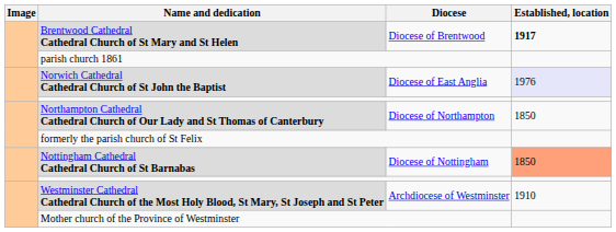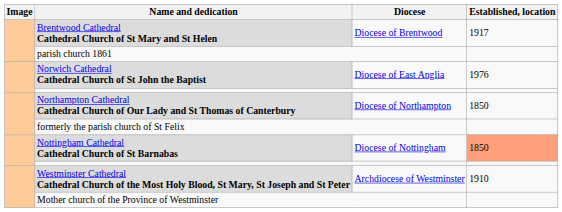 <table class="wikitable">
 <tr>
 <th>Image</th>
 <th>Name and dedication</th>
 <th>Diocese</th>
 <th>Established, location</th>
 </tr>
 <tr>
 <td rowspan="2" bgcolor="#FFCC99" align="center"></td>
 <td bgcolor="Gainsboro"><a href='#'>Brentwood Cathedral</a><br><strong>Cathedral Church of St Mary and St Helen</strong></td>
 <td><a href='#'>Diocese of Brentwood</a></td>
-<td><strong>1917</strong></td>
+<td>1917</td>
 </tr>
 <tr>
 <td colspan="2">parish church 1861</td>
 <td></td>
 </tr>
 <tr>
 <td rowspan="2" bgcolor="#FFCC99" align="center"></td>
 <td bgcolor="Gainsboro"><a href='#'>Norwich Cathedral</a><br><strong>Cathedral Church of St John the Baptist</strong></td>
 <td><a href='#'>Diocese of East Anglia</a></td>
-<td style="background: lavender;">1976</td>
+<td>1976</td>
 </tr>
 <tr>
 <td colspan="2"></td>
 <td></td>
 </tr>
 <tr>
 <td rowspan="2" bgcolor="#FFCC99" align="center"></td>
 <td bgcolor="Gainsboro"><a href='#'>Northampton Cathedral</a><br><strong>Cathedral Church of Our Lady and St Thomas of Canterbury</strong></td>
 <td><a href='#'>Diocese of Northampton</a></td>
 <td>1850</td>
 </tr>
 <tr>
 <td colspan="2">formerly the parish church of St Felix</td>
 <td></td>
 </tr>
 <tr>
 <td rowspan="2" bgcolor="#FFCC99" align="center"></td>
 <td bgcolor="Gainsboro"><a href='#'>Nottingham Cathedral</a><br><strong>Cathedral Church of St Barnabas</strong></td>
 <td><a href='#'>Diocese of Nottingham</a></td>
 <td style="background: lightsalmon;">1850</td>
 </tr>
 <tr>
 <td colspan="2"></td>
 <td></td>
 </tr>
 <tr>
 <td rowspan="2" bgcolor="#FFCC99" align="center"></td>
 <td bgcolor="Gainsboro"><a href='#'>Westminster Cathedral</a><br><strong>Cathedral Church of the Most Holy Blood, St Mary, St Joseph and St Peter</strong></td>
 <td><a href='#'>Archdiocese of Westminster</a></td>
 <td>1910</td>
 </tr>
 <tr>
 <td colspan="2">Mother church of the Province of Westminster</td>
 <td></td>
 </tr>
 </table>
